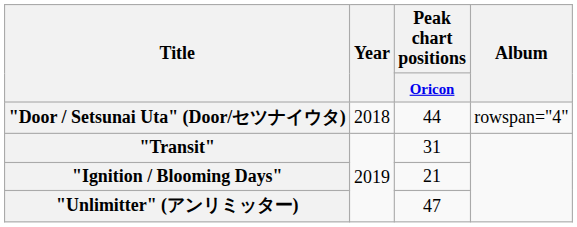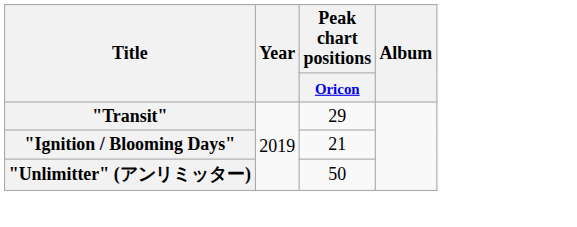 <table class="wikitable plainrowheaders" style="text-align:center;">
 <tr>
 <th scope="col" rowspan="2">Title</th>
 <th scope="col" rowspan="2">Year</th>
 <th scope="col" colspan="1">Peak <br> chart <br> positions</th>
 <th scope="col" rowspan="2">Album</th>
 </tr>
 <tr>
 <th scope="col"><small><a href='#'>Oricon</a></small></th>
 </tr>
 <tr>
-<th scope="row">"Door / Setsunai Uta" (Door/セツナイウタ)</th>
-<td>2018</td>
-<td>44</td>
-<td>rowspan="4" </td>
-</tr>
-<tr>
 <th scope="row">"Transit"</th>
 <td rowspan="3">2019</td>
-<td>31</td>
+<td>29</td>
 </tr>
 <tr>
 <th scope="row">"Ignition / Blooming Days"</th>
 <td>21</td>
 </tr>
 <tr>
 <th scope="row">"Unlimitter" (アンリミッター)</th>
-<td>47</td>
+<td>50</td>
 </tr>
 </table>
